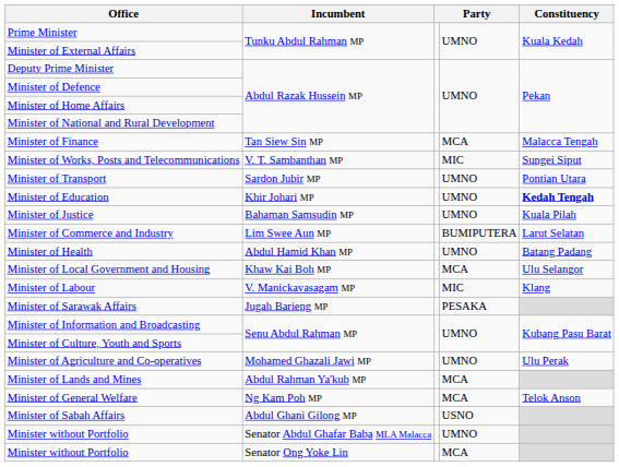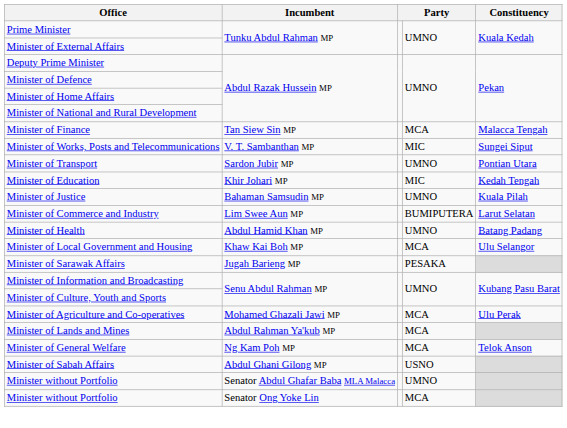 <table class="sortable wikitable">
 <tr>
 <th>Office</th>
 <th>Incumbent</th>
 <th colspan=2>Party</th>
 <th>Constituency</th>
 </tr>
 <tr>
 <td><a href='#'>Prime Minister</a></td>
 <td rowspan=2><a href='#'>Tunku Abdul Rahman</a> <small>MP</small></td>
 <td rowspan=2></td>
 <td rowspan=2>UMNO</td>
 <td rowspan=2><a href='#'>Kuala Kedah</a></td>
 </tr>
 <tr>
 <td><a href='#'>Minister of External Affairs</a></td>
 </tr>
 <tr>
 <td><a href='#'>Deputy Prime Minister</a></td>
 <td rowspan=4><a href='#'>Abdul Razak Hussein</a> <small>MP</small></td>
 <td rowspan=4></td>
 <td rowspan=4>UMNO</td>
 <td rowspan=4><a href='#'>Pekan</a></td>
 </tr>
 <tr>
 <td><a href='#'>Minister of Defence</a></td>
 </tr>
 <tr>
 <td><a href='#'>Minister of Home Affairs</a></td>
 </tr>
 <tr>
 <td><a href='#'>Minister of National and Rural Development</a></td>
 </tr>
 <tr>
 <td><a href='#'>Minister of Finance</a></td>
 <td><a href='#'>Tan Siew Sin</a> <small>MP</small></td>
 <td rowspan=1></td>
 <td>MCA</td>
 <td><a href='#'>Malacca Tengah</a></td>
 </tr>
 <tr>
 <td><a href='#'>Minister of Works, Posts and Telecommunications</a></td>
 <td><a href='#'>V. T. Sambanthan</a> <small>MP</small></td>
 <td rowspan=1></td>
 <td>MIC</td>
 <td><a href='#'>Sungei Siput</a></td>
 </tr>
 <tr>
 <td><a href='#'>Minister of Transport</a></td>
 <td><a href='#'>Sardon Jubir</a> <small>MP</small></td>
 <td rowspan=1></td>
 <td>UMNO</td>
 <td><a href='#'>Pontian Utara</a></td>
 </tr>
 <tr>
 <td><a href='#'>Minister of Education</a></td>
 <td><a href='#'>Khir Johari</a> <small>MP</small></td>
 <td rowspan=1></td>
-<td>UMNO</td>
-<td><strong><a href='#'>Kedah Tengah</a></strong></td>
+<td>MIC</td>
+<td><a href='#'>Kedah Tengah</a></td>
 </tr>
 <tr>
 <td><a href='#'>Minister of Justice</a></td>
 <td><a href='#'>Bahaman Samsudin</a> <small>MP</small></td>
 <td rowspan=1></td>
 <td>UMNO</td>
 <td><a href='#'>Kuala Pilah</a></td>
 </tr>
 <tr>
 <td><a href='#'>Minister of Commerce and Industry</a></td>
 <td><a href='#'>Lim Swee Aun</a> <small>MP</small></td>
 <td rowspan=1></td>
 <td>BUMIPUTERA</td>
 <td><a href='#'>Larut Selatan</a></td>
 </tr>
 <tr>
 <td><a href='#'>Minister of Health</a></td>
 <td><a href='#'>Abdul Hamid Khan</a> <small>MP</small></td>
 <td rowspan=1></td>
 <td>UMNO</td>
 <td><a href='#'>Batang Padang</a></td>
 </tr>
 <tr>
 <td><a href='#'>Minister of Local Government and Housing</a></td>
 <td><a href='#'>Khaw Kai Boh</a> <small>MP</small></td>
 <td rowspan=1></td>
 <td>MCA</td>
 <td><a href='#'>Ulu Selangor</a></td>
 </tr>
 <tr>
-<td><a href='#'>Minister of Labour</a></td>
-<td><a href='#'>V. Manickavasagam</a> <small>MP</small></td>
-<td rowspan=1></td>
-<td>MIC</td>
-<td><a href='#'>Klang</a></td>
-</tr>
-<tr>
 <td><a href='#'>Minister of Sarawak Affairs</a></td>
 <td><a href='#'>Jugah Barieng</a> <small>MP</small></td>
 <td rowspan=1></td>
 <td>PESAKA</td>
 <td bgcolor=dcdcdc></td>
 </tr>
 <tr>
 <td><a href='#'>Minister of Information and Broadcasting</a></td>
 <td rowspan=2><a href='#'>Senu Abdul Rahman</a> <small>MP</small></td>
 <td rowspan=2></td>
 <td rowspan=2>UMNO</td>
 <td rowspan=2><a href='#'>Kubang Pasu Barat</a></td>
 </tr>
 <tr>
 <td><a href='#'>Minister of Culture, Youth and Sports</a></td>
 </tr>
 <tr>
 <td><a href='#'>Minister of Agriculture and Co-operatives</a></td>
 <td><a href='#'>Mohamed Ghazali Jawi</a> <small>MP</small></td>
 <td rowspan=1></td>
-<td>UMNO</td>
+<td>MCA</td>
 <td><a href='#'>Ulu Perak</a></td>
 </tr>
 <tr>
 <td><a href='#'>Minister of Lands and Mines</a></td>
 <td><a href='#'>Abdul Rahman Ya'kub</a> <small>MP</small></td>
 <td rowspan=1></td>
 <td>MCA</td>
 <td bgcolor=dcdcdc></td>
 </tr>
 <tr>
 <td><a href='#'>Minister of General Welfare</a></td>
 <td><a href='#'>Ng Kam Poh</a> <small>MP</small></td>
 <td rowspan=1></td>
 <td>MCA</td>
 <td><a href='#'>Telok Anson</a></td>
 </tr>
 <tr>
 <td><a href='#'>Minister of Sabah Affairs</a></td>
 <td><a href='#'>Abdul Ghani Gilong</a> <small>MP</small></td>
 <td rowspan=1></td>
 <td>USNO</td>
 <td bgcolor=dcdcdc></td>
 </tr>
 <tr>
 <td><a href='#'>Minister without Portfolio</a></td>
 <td>Senator <a href='#'>Abdul Ghafar Baba</a> <small><a href='#'>MLA Malacca</a></small></td>
 <td rowspan=1></td>
 <td>UMNO</td>
 <td bgcolor=dcdcdc></td>
 </tr>
 <tr>
 <td><a href='#'>Minister without Portfolio</a></td>
 <td>Senator <a href='#'>Ong Yoke Lin</a></td>
 <td rowspan=1></td>
 <td>MCA</td>
 <td bgcolor=dcdcdc></td>
 </tr>
 </table>
